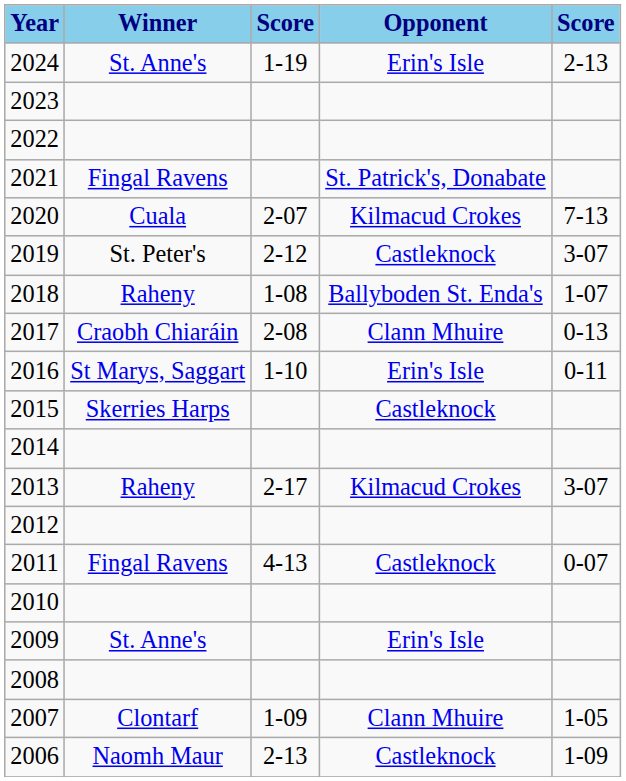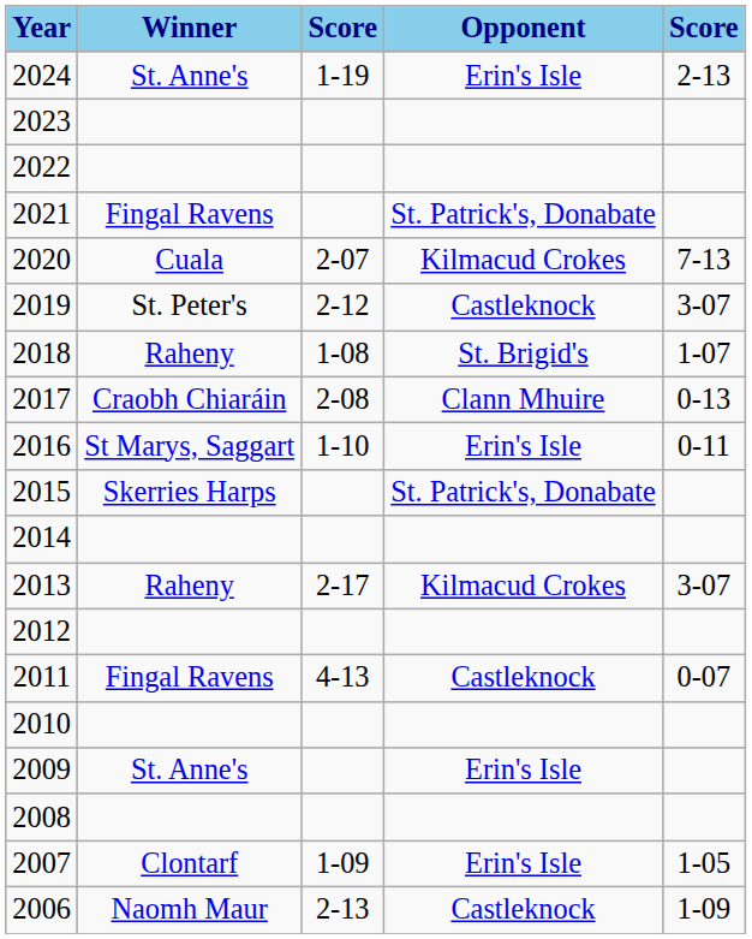 <table class="wikitable" style="text-align:center;">
 <tr>
 <th style="background:skyblue;color:navy;">Year</th>
 <th style="background:skyblue;color:navy;">Winner</th>
 <th style="background:skyblue;color:navy;">Score</th>
 <th style="background:skyblue;color:navy;">Opponent</th>
 <th style="background:skyblue;color:navy;">Score</th>
 </tr>
 <tr>
 <td>2024</td>
 <td><a href='#'>St. Anne's</a></td>
 <td>1-19</td>
 <td><a href='#'>Erin's Isle</a></td>
 <td>2-13</td>
 </tr>
 <tr>
 <td>2023</td>
 <td></td>
 <td></td>
 <td></td>
 <td></td>
 </tr>
 <tr>
 <td>2022</td>
 <td></td>
 <td></td>
 <td></td>
 <td></td>
 </tr>
 <tr>
 <td>2021</td>
 <td><a href='#'>Fingal Ravens</a></td>
 <td></td>
 <td><a href='#'>St. Patrick's, Donabate</a></td>
 <td></td>
 </tr>
 <tr>
 <td>2020</td>
 <td><a href='#'>Cuala</a></td>
 <td>2-07</td>
 <td><a href='#'>Kilmacud Crokes</a></td>
 <td>7-13</td>
 </tr>
 <tr>
 <td>2019</td>
 <td>St. Peter's</td>
 <td>2-12</td>
 <td><a href='#'>Castleknock</a></td>
 <td>3-07</td>
 </tr>
 <tr>
 <td>2018</td>
 <td><a href='#'>Raheny</a></td>
 <td>1-08</td>
-<td><a href='#'>Ballyboden St. Enda's</a></td>
+<td><a href='#'>St. Brigid's</a></td>
 <td>1-07</td>
 </tr>
 <tr>
 <td>2017</td>
 <td><a href='#'>Craobh Chiaráin</a></td>
 <td>2-08</td>
 <td><a href='#'>Clann Mhuire</a></td>
 <td>0-13</td>
 </tr>
 <tr>
 <td>2016</td>
 <td><a href='#'>St Marys, Saggart</a></td>
 <td>1-10</td>
 <td><a href='#'>Erin's Isle</a></td>
 <td>0-11</td>
 </tr>
 <tr>
 <td>2015</td>
 <td><a href='#'>Skerries Harps</a></td>
 <td></td>
-<td><a href='#'>Castleknock</a></td>
+<td><a href='#'>St. Patrick's, Donabate</a></td>
 <td></td>
 </tr>
 <tr>
 <td>2014</td>
 <td></td>
 <td></td>
 <td></td>
 <td></td>
 </tr>
 <tr>
 <td>2013</td>
 <td><a href='#'>Raheny</a></td>
 <td>2-17</td>
 <td><a href='#'>Kilmacud Crokes</a></td>
 <td>3-07</td>
 </tr>
 <tr>
 <td>2012</td>
 <td></td>
 <td></td>
 <td></td>
 <td></td>
 </tr>
 <tr>
 <td>2011</td>
 <td><a href='#'>Fingal Ravens</a></td>
 <td>4-13</td>
 <td><a href='#'>Castleknock</a></td>
 <td>0-07</td>
 </tr>
 <tr>
 <td>2010</td>
 <td></td>
 <td></td>
 <td></td>
 <td></td>
 </tr>
 <tr>
 <td>2009</td>
 <td><a href='#'>St. Anne's</a></td>
 <td></td>
 <td><a href='#'>Erin's Isle</a></td>
 <td></td>
 </tr>
 <tr>
 <td>2008</td>
 <td></td>
 <td></td>
 <td></td>
 <td></td>
 </tr>
 <tr>
 <td>2007</td>
 <td><a href='#'>Clontarf</a></td>
 <td>1-09</td>
-<td><a href='#'>Clann Mhuire</a></td>
+<td><a href='#'>Erin's Isle</a></td>
 <td>1-05</td>
 </tr>
 <tr>
 <td>2006</td>
 <td><a href='#'>Naomh Maur</a></td>
 <td>2-13</td>
 <td><a href='#'>Castleknock</a></td>
 <td>1-09</td>
 </tr>
 </table>
